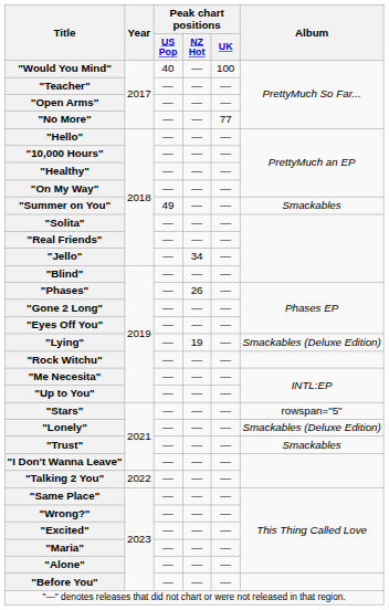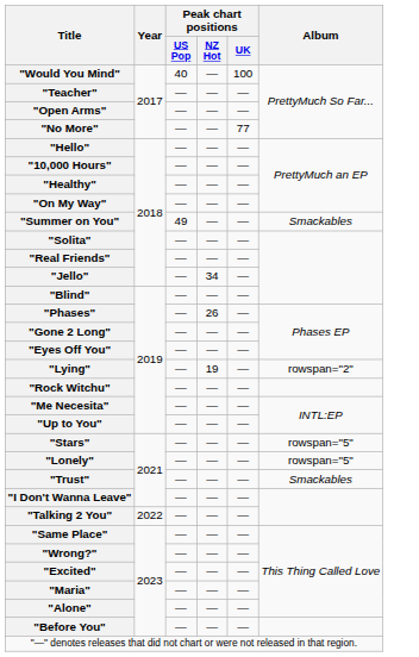 <table class="wikitable plainrowheaders" style="text-align:center">
 <tr>
 <th rowspan="2">Title</th>
 <th rowspan="2">Year</th>
 <th colspan="3">Peak chart positions</th>
 <th rowspan="2">Album</th>
 </tr>
 <tr>
 <th scope="col" style="width:2.5em;font-size:90%;"><a href='#'>US Pop</a><br></th>
 <th scope="col" style="width:2.5em;font-size:90%;"><a href='#'>NZ<br>Hot</a><br></th>
 <th scope="col" style="width:2.5em;font-size:90%;"><a href='#'>UK</a><br></th>
 </tr>
 <tr>
 <th scope="row">"Would You Mind"</th>
 <td rowspan="4">2017</td>
 <td>40</td>
 <td>—</td>
 <td>100</td>
 <td rowspan="4"><em>PrettyMuch So Far...</em></td>
 </tr>
 <tr>
 <th scope="row">"Teacher"</th>
 <td>—</td>
 <td>—</td>
 <td>—</td>
 </tr>
 <tr>
 <th scope="row">"Open Arms"</th>
 <td>—</td>
 <td>—</td>
 <td>—</td>
 </tr>
 <tr>
 <th scope="row">"No More"<br></th>
 <td>—</td>
 <td>—</td>
 <td>77</td>
 </tr>
 <tr>
 <th scope="row">"Hello"</th>
 <td rowspan="8">2018</td>
 <td>—</td>
 <td>—</td>
 <td>—</td>
 <td rowspan="4"><em>PrettyMuch an EP</em></td>
 </tr>
 <tr>
 <th scope="row">"10,000 Hours"</th>
 <td>—</td>
 <td>—</td>
 <td>—</td>
 </tr>
 <tr>
 <th scope="row">"Healthy"</th>
 <td>—</td>
 <td>—</td>
 <td>—</td>
 </tr>
 <tr>
 <th scope="row">"On My Way"</th>
 <td>—</td>
 <td>—</td>
 <td>—</td>
 </tr>
 <tr>
 <th scope="row">"Summer on You"</th>
 <td>49</td>
 <td>—</td>
 <td>—</td>
 <td><em>Smackables</em></td>
 </tr>
 <tr>
 <th scope="row">"Solita"<br></th>
 <td>—</td>
 <td>—</td>
 <td>—</td>
 </tr>
 <tr>
 <th scope="row">"Real Friends"</th>
 <td>—</td>
 <td>—</td>
 <td>—</td>
 </tr>
 <tr>
 <th scope="row">"Jello"</th>
 <td>—</td>
 <td>34</td>
 <td>—</td>
 </tr>
 <tr>
 <th scope="row">"Blind"</th>
 <td rowspan="8">2019</td>
 <td>—</td>
 <td>—</td>
 <td>—</td>
 </tr>
 <tr>
 <th scope="row">"Phases"</th>
 <td>—</td>
 <td>26</td>
 <td>—</td>
 <td rowspan="3"><em>Phases EP</em></td>
 </tr>
 <tr>
 <th scope="row">"Gone 2 Long"</th>
 <td>—</td>
 <td>—</td>
 <td>—</td>
 </tr>
 <tr>
 <th scope="row">"Eyes Off You"</th>
 <td>—</td>
 <td>—</td>
 <td>—</td>
 </tr>
 <tr>
 <th scope="row">"Lying"<br></th>
 <td>—</td>
 <td>19</td>
 <td>—</td>
-<td><em>Smackables (Deluxe Edition)</em></td>
+<td>rowspan="2" </td>
 </tr>
 <tr>
 <th scope="row">"Rock Witchu"</th>
 <td>—</td>
 <td>—</td>
 <td>—</td>
 </tr>
 <tr>
 <th scope="row">"Me Necesita"<br></th>
 <td>—</td>
 <td>—</td>
 <td>—</td>
 <td rowspan="2"><em>INTL:EP</em></td>
 </tr>
 <tr>
 <th scope="row">"Up to You"<br></th>
 <td>—</td>
 <td>—</td>
 <td>—</td>
 </tr>
 <tr>
 <th scope="row">"Stars"</th>
 <td rowspan="4">2021</td>
 <td>—</td>
 <td>—</td>
 <td>—</td>
 <td>rowspan="5" </td>
 </tr>
 <tr>
 <th scope="row">"Lonely"</th>
 <td>—</td>
 <td>—</td>
 <td>—</td>
-<td><em>Smackables (Deluxe Edition)</em></td>
+<td>rowspan="5" </td>
 </tr>
 <tr>
 <th scope="row">"Trust"</th>
 <td>—</td>
 <td>—</td>
 <td>—</td>
 <td><em>Smackables</em></td>
 </tr>
 <tr>
 <th scope="row">"I Don't Wanna Leave"<br></th>
 <td>—</td>
 <td>—</td>
 <td>—</td>
 </tr>
 <tr>
 <th scope="row">"Talking 2 You"</th>
 <td>2022</td>
 <td>—</td>
 <td>—</td>
 <td>—</td>
 </tr>
 <tr>
 <th scope="row">"Same Place"</th>
 <td rowspan="6">2023</td>
 <td>—</td>
 <td>—</td>
 <td>—</td>
 <td rowspan="5"><em>This Thing Called Love</em></td>
 </tr>
 <tr>
 <th scope="row">"Wrong?"</th>
 <td>—</td>
 <td>—</td>
 <td>—</td>
 </tr>
 <tr>
 <th scope="row">"Excited"</th>
 <td>—</td>
 <td>—</td>
 <td>—</td>
 </tr>
 <tr>
 <th scope="row">"Maria"</th>
 <td>—</td>
 <td>—</td>
 <td>—</td>
 </tr>
 <tr>
 <th scope="row">"Alone"</th>
 <td>—</td>
 <td>—</td>
 <td>—</td>
 </tr>
 <tr>
 <th scope="row">"Before You"<br></th>
 <td>—</td>
 <td>—</td>
 <td>—</td>
 <td></td>
 </tr>
 <tr>
 <td colspan="6" style="font-size:85%">"—" denotes releases that did not chart or were not released in that region.</td>
 </tr>
 </table>
